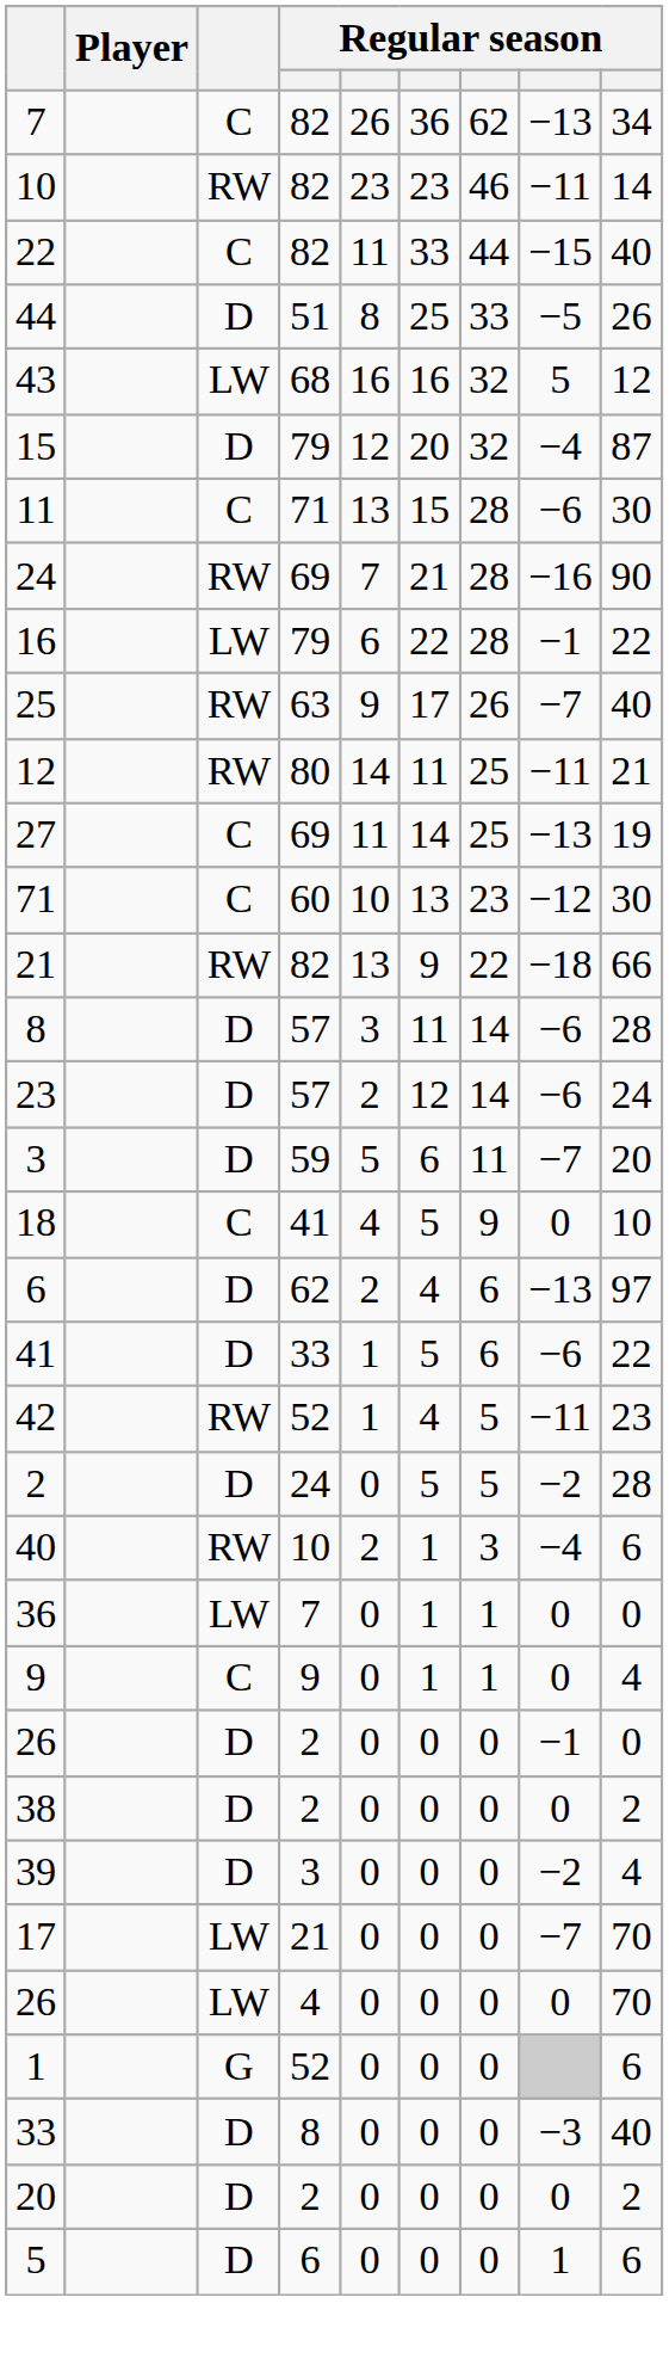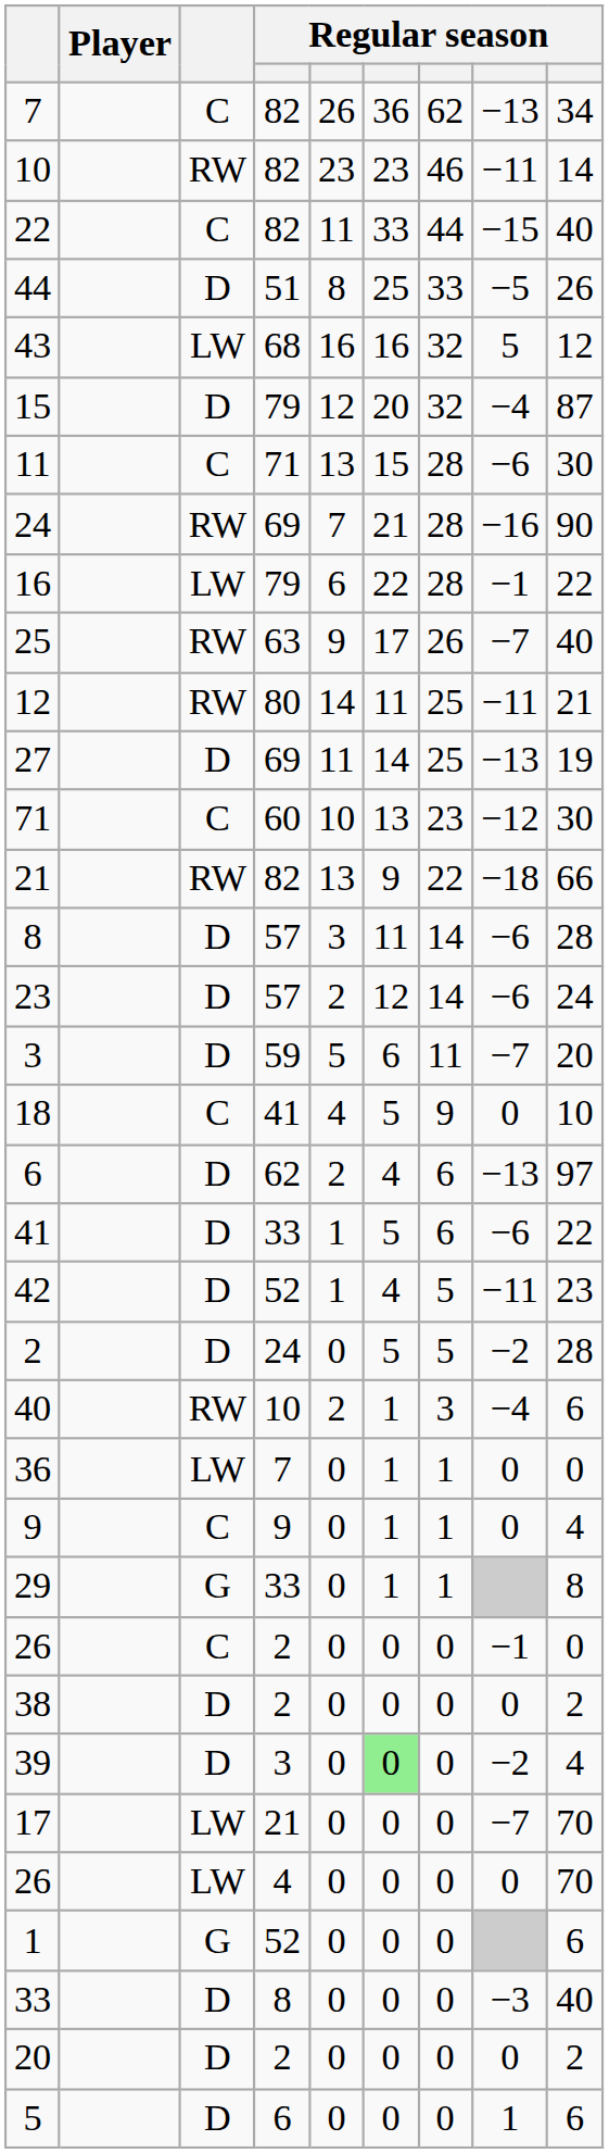 <table class="wikitable sortable plainrowheaders" style="text-align:center;">
 <tr>
 <th scope="col" data-sort-type="number" rowspan="2"></th>
 <th scope="col" rowspan="2">Player</th>
 <th scope="col" rowspan="2"></th>
 <th scope=colgroup colspan=6>Regular season</th>
 </tr>
 <tr>
 <th scope="col" data-sort-type="number"></th>
 <th scope="col" data-sort-type="number"></th>
 <th scope="col" data-sort-type="number"></th>
 <th scope="col" data-sort-type="number"></th>
 <th scope="col" data-sort-type="number"></th>
 <th scope="col" data-sort-type="number"></th>
 </tr>
 <tr>
 <td scope="row">7</td>
 <td align="left"></td>
 <td>C</td>
 <td>82</td>
 <td>26</td>
 <td>36</td>
 <td>62</td>
 <td>−13</td>
 <td>34</td>
 </tr>
 <tr>
 <td scope="row">10</td>
 <td align="left"></td>
 <td>RW</td>
 <td>82</td>
 <td>23</td>
 <td>23</td>
 <td>46</td>
 <td>−11</td>
 <td>14</td>
 </tr>
 <tr>
 <td scope="row">22</td>
 <td align="left"></td>
 <td>C</td>
 <td>82</td>
 <td>11</td>
 <td>33</td>
 <td>44</td>
 <td>−15</td>
 <td>40</td>
 </tr>
 <tr>
 <td scope="row">44</td>
 <td align="left"></td>
 <td>D</td>
 <td>51</td>
 <td>8</td>
 <td>25</td>
 <td>33</td>
 <td>−5</td>
 <td>26</td>
 </tr>
 <tr>
 <td scope="row">43</td>
 <td align="left"></td>
 <td>LW</td>
 <td>68</td>
 <td>16</td>
 <td>16</td>
 <td>32</td>
 <td>5</td>
 <td>12</td>
 </tr>
 <tr>
 <td scope="row">15</td>
 <td align="left"></td>
 <td>D</td>
 <td>79</td>
 <td>12</td>
 <td>20</td>
 <td>32</td>
 <td>−4</td>
 <td>87</td>
 </tr>
 <tr>
 <td scope="row">11</td>
 <td align="left"></td>
 <td>C</td>
 <td>71</td>
 <td>13</td>
 <td>15</td>
 <td>28</td>
 <td>−6</td>
 <td>30</td>
 </tr>
 <tr>
 <td scope="row">24</td>
 <td align="left"></td>
 <td>RW</td>
 <td>69</td>
 <td>7</td>
 <td>21</td>
 <td>28</td>
 <td>−16</td>
 <td>90</td>
 </tr>
 <tr>
 <td scope="row">16</td>
 <td align="left"></td>
 <td>LW</td>
 <td>79</td>
 <td>6</td>
 <td>22</td>
 <td>28</td>
 <td>−1</td>
 <td>22</td>
 </tr>
 <tr>
 <td scope="row">25</td>
 <td align="left"></td>
 <td>RW</td>
 <td>63</td>
 <td>9</td>
 <td>17</td>
 <td>26</td>
 <td>−7</td>
 <td>40</td>
 </tr>
 <tr>
 <td scope="row">12</td>
 <td align="left"></td>
 <td>RW</td>
 <td>80</td>
 <td>14</td>
 <td>11</td>
 <td>25</td>
 <td>−11</td>
 <td>21</td>
 </tr>
 <tr>
 <td scope="row">27</td>
 <td align="left"></td>
-<td>C</td>
+<td>D</td>
 <td>69</td>
 <td>11</td>
 <td>14</td>
 <td>25</td>
 <td>−13</td>
 <td>19</td>
 </tr>
 <tr>
 <td scope="row">71</td>
 <td align="left"></td>
 <td>C</td>
 <td>60</td>
 <td>10</td>
 <td>13</td>
 <td>23</td>
 <td>−12</td>
 <td>30</td>
 </tr>
 <tr>
 <td scope="row">21</td>
 <td align="left"></td>
 <td>RW</td>
 <td>82</td>
 <td>13</td>
 <td>9</td>
 <td>22</td>
 <td>−18</td>
 <td>66</td>
 </tr>
 <tr>
 <td scope="row">8</td>
 <td align="left"></td>
 <td>D</td>
 <td>57</td>
 <td>3</td>
 <td>11</td>
 <td>14</td>
 <td>−6</td>
 <td>28</td>
 </tr>
 <tr>
 <td scope="row">23</td>
 <td align="left"></td>
 <td>D</td>
 <td>57</td>
 <td>2</td>
 <td>12</td>
 <td>14</td>
 <td>−6</td>
 <td>24</td>
 </tr>
 <tr>
 <td scope="row">3</td>
 <td align="left"></td>
 <td>D</td>
 <td>59</td>
 <td>5</td>
 <td>6</td>
 <td>11</td>
 <td>−7</td>
 <td>20</td>
 </tr>
 <tr>
 <td scope="row">18</td>
 <td align="left"></td>
 <td>C</td>
 <td>41</td>
 <td>4</td>
 <td>5</td>
 <td>9</td>
 <td>0</td>
 <td>10</td>
 </tr>
 <tr>
 <td scope="row">6</td>
 <td align="left"></td>
 <td>D</td>
 <td>62</td>
 <td>2</td>
 <td>4</td>
 <td>6</td>
 <td>−13</td>
 <td>97</td>
 </tr>
 <tr>
 <td scope="row">41</td>
 <td align="left"></td>
 <td>D</td>
 <td>33</td>
 <td>1</td>
 <td>5</td>
 <td>6</td>
 <td>−6</td>
 <td>22</td>
 </tr>
 <tr>
 <td scope="row">42</td>
 <td align="left"></td>
-<td>RW</td>
+<td>D</td>
 <td>52</td>
 <td>1</td>
 <td>4</td>
 <td>5</td>
 <td>−11</td>
 <td>23</td>
 </tr>
 <tr>
 <td scope="row">2</td>
 <td align="left"></td>
 <td>D</td>
 <td>24</td>
 <td>0</td>
 <td>5</td>
 <td>5</td>
 <td>−2</td>
 <td>28</td>
 </tr>
 <tr>
 <td scope="row">40</td>
 <td align="left"></td>
 <td>RW</td>
 <td>10</td>
 <td>2</td>
 <td>1</td>
 <td>3</td>
 <td>−4</td>
 <td>6</td>
 </tr>
 <tr>
 <td scope="row">36</td>
 <td align="left"></td>
 <td>LW</td>
 <td>7</td>
 <td>0</td>
 <td>1</td>
 <td>1</td>
 <td>0</td>
 <td>0</td>
 </tr>
 <tr>
 <td scope="row">9</td>
 <td align="left"></td>
 <td>C</td>
 <td>9</td>
 <td>0</td>
 <td>1</td>
 <td>1</td>
 <td>0</td>
 <td>4</td>
 </tr>
 <tr>
+<td scope="row">29</td>
+<td align="left"></td>
+<td>G</td>
+<td>33</td>
+<td>0</td>
+<td>1</td>
+<td>1</td>
+<td style="background:#ccc"></td>
+<td>8</td>
+</tr>
+<tr>
 <td scope="row">26</td>
 <td align="left"></td>
-<td>D</td>
+<td>C</td>
 <td>2</td>
 <td>0</td>
 <td>0</td>
 <td>0</td>
 <td>−1</td>
 <td>0</td>
 </tr>
 <tr>
 <td scope="row">38</td>
 <td align="left"></td>
 <td>D</td>
 <td>2</td>
 <td>0</td>
 <td>0</td>
 <td>0</td>
 <td>0</td>
 <td>2</td>
 </tr>
 <tr>
 <td scope="row">39</td>
 <td align="left"></td>
 <td>D</td>
 <td>3</td>
 <td>0</td>
-<td>0</td>
+<td style="background: lightgreen;">0</td>
 <td>0</td>
 <td>−2</td>
 <td>4</td>
 </tr>
 <tr>
 <td scope="row">17</td>
 <td align="left"></td>
 <td>LW</td>
 <td>21</td>
 <td>0</td>
 <td>0</td>
 <td>0</td>
 <td>−7</td>
 <td>70</td>
 </tr>
 <tr>
 <td scope="row">26</td>
 <td align="left"></td>
 <td>LW</td>
 <td>4</td>
 <td>0</td>
 <td>0</td>
 <td>0</td>
 <td>0</td>
 <td>70</td>
 </tr>
 <tr>
 <td scope="row">1</td>
 <td align="left"></td>
 <td>G</td>
 <td>52</td>
 <td>0</td>
 <td>0</td>
 <td>0</td>
 <td style="background:#ccc"></td>
 <td>6</td>
 </tr>
 <tr>
 <td scope="row">33</td>
 <td align="left"></td>
 <td>D</td>
 <td>8</td>
 <td>0</td>
 <td>0</td>
 <td>0</td>
 <td>−3</td>
 <td>40</td>
 </tr>
 <tr>
 <td scope="row">20</td>
 <td align="left"></td>
 <td>D</td>
 <td>2</td>
 <td>0</td>
 <td>0</td>
 <td>0</td>
 <td>0</td>
 <td>2</td>
 </tr>
 <tr>
 <td scope="row">5</td>
 <td align="left"></td>
 <td>D</td>
 <td>6</td>
 <td>0</td>
 <td>0</td>
 <td>0</td>
 <td>1</td>
 <td>6</td>
 </tr>
 </table>
